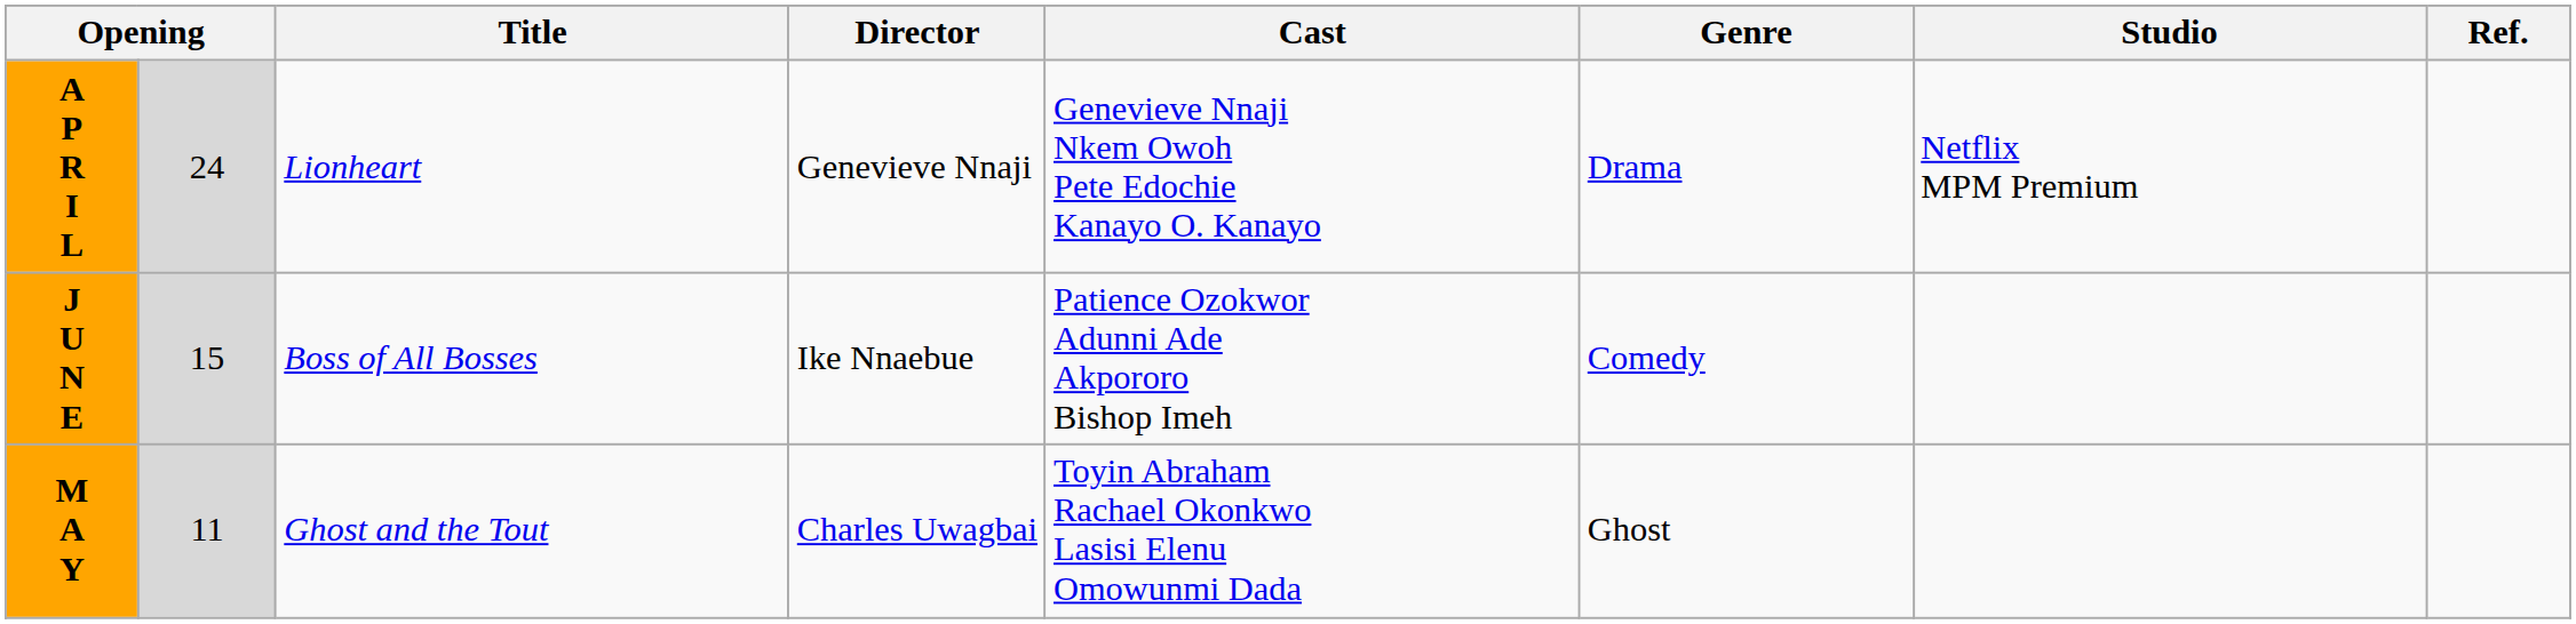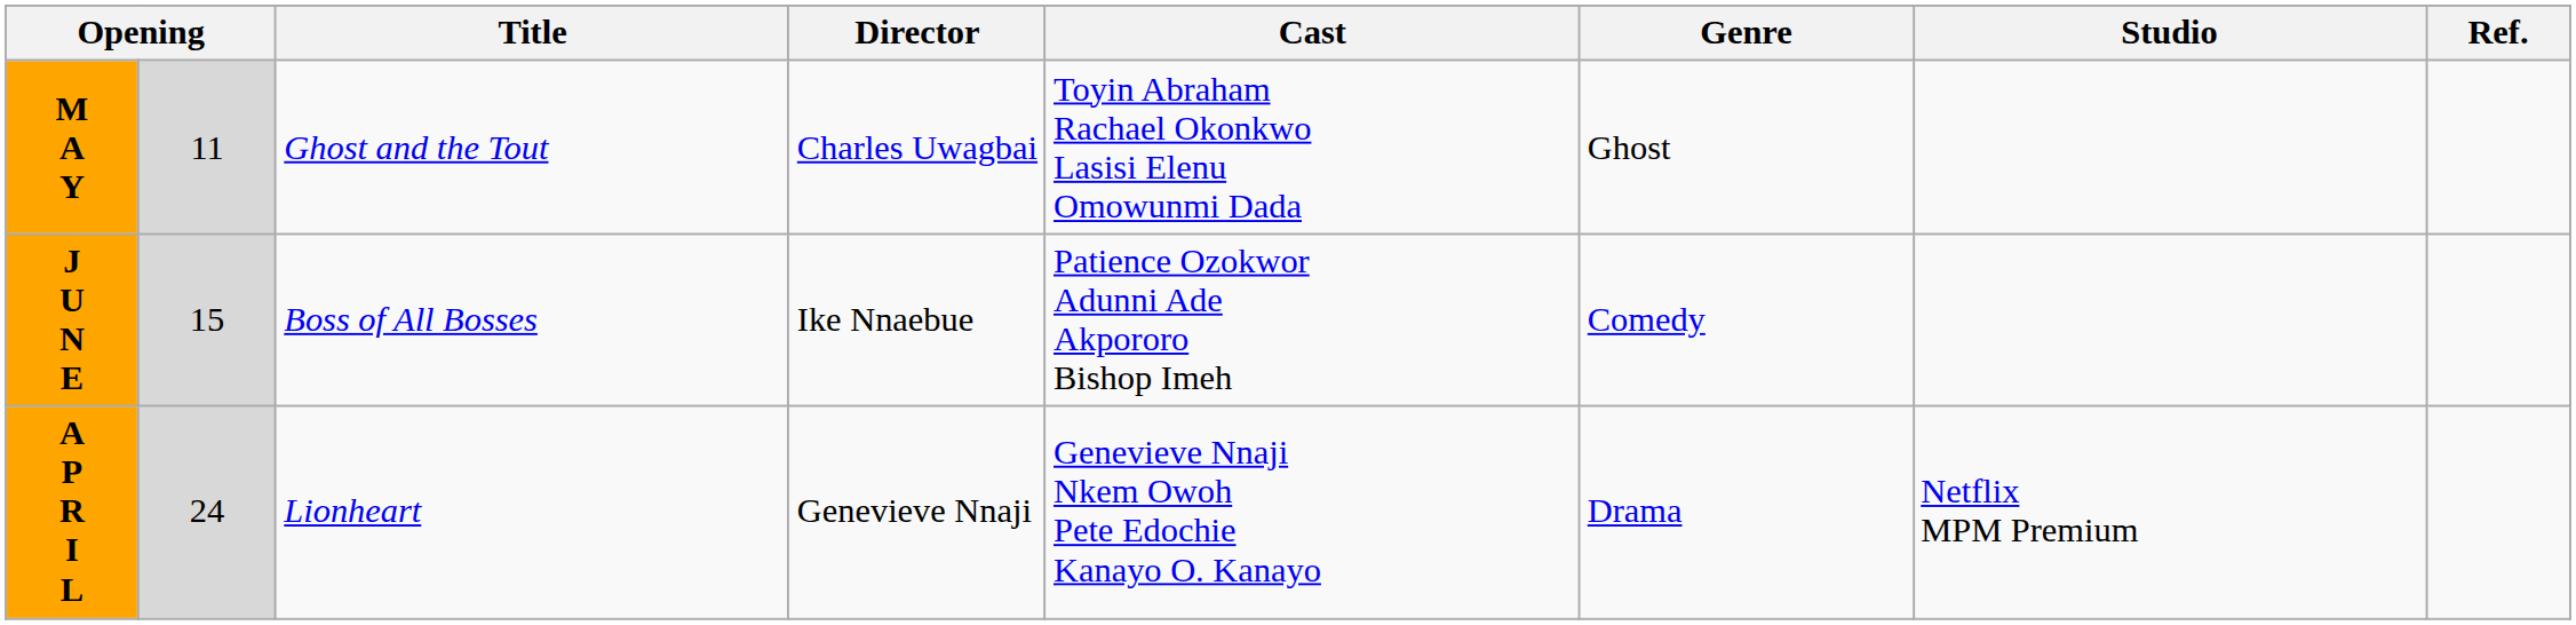 <table class="wikitable">
 <tr>
 <th colspan="2">Opening</th>
 <th style="width:20%;">Title</th>
 <th style="width:10%;">Director</th>
 <th>Cast</th>
 <th style="width:13%">Genre</th>
 <th style="width:20%">Studio</th>
 <th>Ref.</th>
 </tr>
 <tr>
-<td rowspan=1 style="text-align:center; background:orange; textcolor:#000;"><strong>A<br>P<br>R<br>I<br>L<br></strong></td>
-<td rowspan=1 style="text-align:center; background:#d8d8d8; textcolor:#000;">24</td>
-<td><em><a href='#'>Lionheart</a></em></td>
-<td>Genevieve Nnaji</td>
-<td><a href='#'>Genevieve Nnaji</a><br><a href='#'>Nkem Owoh</a><br><a href='#'>Pete Edochie</a><br><a href='#'>Kanayo O. Kanayo</a></td>
-<td><a href='#'>Drama</a></td>
-<td><a href='#'>Netflix</a><br>MPM Premium<br></td>
+<td rowspan=1 style="text-align:center; background:orange; textcolor:#000;"><strong>M<br>A<br>Y<br></strong></td>
+<td rowspan=1 style="text-align:center; background:#d8d8d8; textcolor:#000;">11</td>
+<td><em><a href='#'>Ghost and the Tout</a></em></td>
+<td><a href='#'>Charles Uwagbai</a></td>
+<td><a href='#'>Toyin Abraham</a><br> <a href='#'>Rachael Okonkwo</a><br><a href='#'>Lasisi Elenu</a><br><a href='#'>Omowunmi Dada</a></td>
+<td>Ghost</td>
+<td></td>
 <td></td>
 </tr>
 <tr>
 <td rowspan=1 style="text-align:center; background:orange; textcolor:#000;"><strong>J<br>U<br>N<br>E<br></strong></td>
 <td rowspan=1 style="text-align:center; background:#d8d8d8; textcolor:#000;">15</td>
 <td><em><a href='#'>Boss of All Bosses</a></em></td>
 <td>Ike Nnaebue</td>
 <td><a href='#'>Patience Ozokwor</a><br> <a href='#'>Adunni Ade</a><br><a href='#'>Akpororo</a><br>Bishop Imeh</td>
 <td><a href='#'>Comedy</a></td>
 <td></td>
 <td></td>
 </tr>
 <tr>
-<td rowspan=1 style="text-align:center; background:orange; textcolor:#000;"><strong>M<br>A<br>Y<br></strong></td>
-<td rowspan=1 style="text-align:center; background:#d8d8d8; textcolor:#000;">11</td>
-<td><em><a href='#'>Ghost and the Tout</a></em></td>
-<td><a href='#'>Charles Uwagbai</a></td>
-<td><a href='#'>Toyin Abraham</a><br> <a href='#'>Rachael Okonkwo</a><br><a href='#'>Lasisi Elenu</a><br><a href='#'>Omowunmi Dada</a></td>
-<td>Ghost</td>
-<td></td>
+<td rowspan=1 style="text-align:center; background:orange; textcolor:#000;"><strong>A<br>P<br>R<br>I<br>L<br></strong></td>
+<td rowspan=1 style="text-align:center; background:#d8d8d8; textcolor:#000;">24</td>
+<td><em><a href='#'>Lionheart</a></em></td>
+<td>Genevieve Nnaji</td>
+<td><a href='#'>Genevieve Nnaji</a><br><a href='#'>Nkem Owoh</a><br><a href='#'>Pete Edochie</a><br><a href='#'>Kanayo O. Kanayo</a></td>
+<td><a href='#'>Drama</a></td>
+<td><a href='#'>Netflix</a><br>MPM Premium<br></td>
 <td></td>
 </tr>
 </table>
